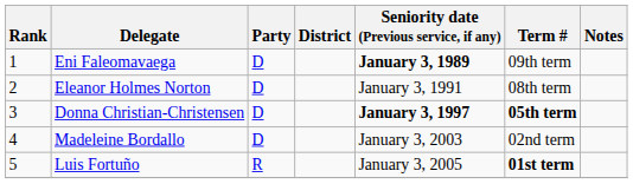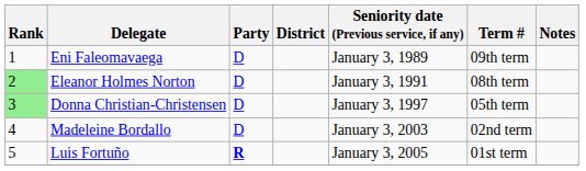 <table class="wikitable sortable">
 <tr valign=bottom>
 <th>Rank</th>
 <th>Delegate</th>
 <th>Party</th>
 <th>District</th>
 <th>Seniority date<br><small>(Previous service, if any)</small><br></th>
 <th>Term #</th>
 <th>Notes</th>
 </tr>
 <tr>
 <td>1</td>
 <td><a href='#'>Eni Faleomavaega</a></td>
 <td><a href='#'>D</a></td>
 <td></td>
-<td><strong>January 3, 1989</strong></td>
+<td>January 3, 1989</td>
 <td>09th term</td>
 <td></td>
 </tr>
 <tr>
-<td>2</td>
+<td style="background: lightgreen;">2</td>
 <td><a href='#'>Eleanor Holmes Norton</a></td>
 <td><a href='#'>D</a></td>
 <td></td>
 <td>January 3, 1991</td>
 <td>08th term</td>
 <td></td>
 </tr>
 <tr>
-<td>3</td>
+<td style="background: lightgreen;">3</td>
 <td><a href='#'>Donna Christian-Christensen</a></td>
 <td><a href='#'>D</a></td>
 <td></td>
-<td><strong>January 3, 1997</strong></td>
-<td><strong>05th term</strong></td>
+<td>January 3, 1997</td>
+<td>05th term</td>
 <td></td>
 </tr>
 <tr>
 <td>4</td>
 <td><a href='#'>Madeleine Bordallo</a></td>
 <td><a href='#'>D</a></td>
 <td></td>
 <td>January 3, 2003</td>
 <td>02nd term</td>
 <td></td>
 </tr>
 <tr>
 <td>5</td>
 <td><a href='#'>Luis Fortuño</a></td>
-<td><a href='#'>R</a></td>
+<td><strong><a href='#'>R</a></strong></td>
 <td></td>
 <td>January 3, 2005</td>
-<td><strong>01st term</strong></td>
+<td>01st term</td>
 <td></td>
 </tr>
 <tr>
 </tr>
 </table>
